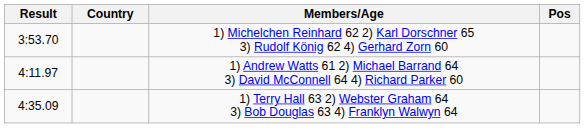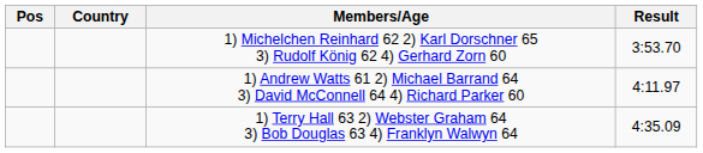 <table class="wikitable"  style="text-align:center; width:60%;">
 <tr>
-<th>Result</th>
+<th>Pos</th>
 <th>Country</th>
 <th>Members/Age</th>
-<th>Pos</th>
+<th>Result</th>
 </tr>
 <tr>
-<td>3:53.70</td>
+<td align=center></td>
 <td align=left></td>
 <td>1) <a href='#'>Michelchen Reinhard</a> 62 2) <a href='#'>Karl Dorschner</a> 65<br>3) <a href='#'>Rudolf König</a> 62 4) <a href='#'>Gerhard Zorn</a> 60</td>
-<td align=center></td>
+<td>3:53.70</td>
 </tr>
 <tr>
-<td>4:11.97</td>
+<td align=center></td>
 <td align=left></td>
 <td>1) <a href='#'>Andrew Watts</a> 61 2) <a href='#'>Michael Barrand</a> 64<br>3) <a href='#'>David McConnell</a> 64 4) <a href='#'>Richard Parker</a> 60</td>
-<td align=center></td>
+<td>4:11.97</td>
 </tr>
 <tr>
-<td>4:35.09</td>
+<td align=center></td>
 <td align=left></td>
 <td>1) <a href='#'>Terry Hall</a> 63 2) <a href='#'>Webster Graham</a> 64<br>3) <a href='#'>Bob Douglas</a> 63 4) <a href='#'>Franklyn Walwyn</a> 64</td>
-<td align=center></td>
+<td>4:35.09</td>
 </tr>
 </table>
